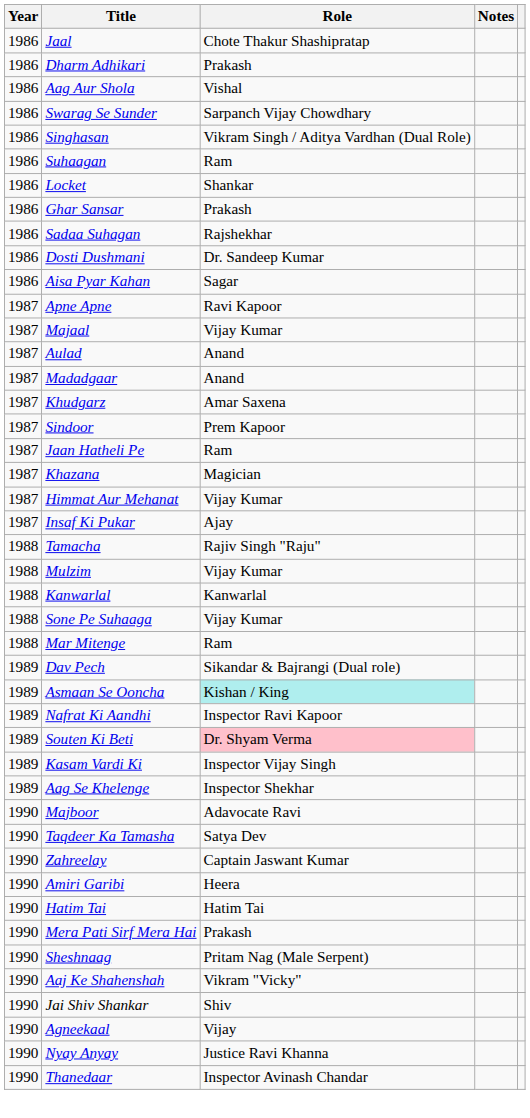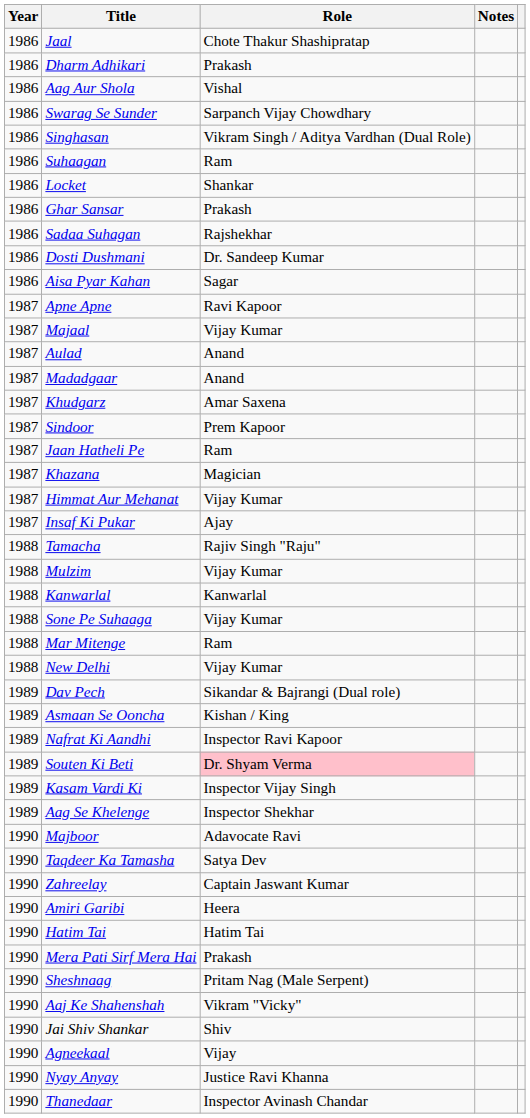 <table class="wikitable sortable">
 <tr style="background:#ccc; align:center,">
 <th>Year</th>
 <th>Title</th>
 <th>Role</th>
 <th>Notes</th>
 <th></th>
 </tr>
 <tr>
 <td>1986</td>
 <td><em><a href='#'>Jaal</a></em></td>
 <td>Chote Thakur Shashipratap</td>
 <td></td>
 <td></td>
 </tr>
 <tr>
 <td>1986</td>
 <td><em><a href='#'>Dharm Adhikari</a></em></td>
 <td>Prakash</td>
 <td></td>
 <td></td>
 </tr>
 <tr>
 <td>1986</td>
 <td><em><a href='#'>Aag Aur Shola</a></em></td>
 <td>Vishal</td>
 <td></td>
 <td></td>
 </tr>
 <tr>
 <td>1986</td>
 <td><em><a href='#'>Swarag Se Sunder</a></em></td>
 <td>Sarpanch Vijay Chowdhary</td>
 <td></td>
 <td></td>
 </tr>
 <tr>
 <td>1986</td>
 <td><em><a href='#'>Singhasan</a></em></td>
 <td>Vikram Singh / Aditya Vardhan (Dual Role)</td>
 <td></td>
 <td></td>
 </tr>
 <tr>
 <td>1986</td>
 <td><em><a href='#'>Suhaagan</a></em></td>
 <td>Ram</td>
 <td></td>
 <td></td>
 </tr>
 <tr>
 <td>1986</td>
 <td><em><a href='#'>Locket</a></em></td>
 <td>Shankar</td>
 <td></td>
 <td></td>
 </tr>
 <tr>
 <td>1986</td>
 <td><em><a href='#'>Ghar Sansar</a></em></td>
 <td>Prakash</td>
 <td></td>
 <td></td>
 </tr>
 <tr>
 <td>1986</td>
 <td><em><a href='#'>Sadaa Suhagan</a></em></td>
 <td>Rajshekhar</td>
 <td></td>
 <td></td>
 </tr>
 <tr>
 <td>1986</td>
 <td><em><a href='#'>Dosti Dushmani</a></em></td>
 <td>Dr. Sandeep Kumar</td>
 <td></td>
 <td></td>
 </tr>
 <tr>
 <td>1986</td>
 <td><em><a href='#'>Aisa Pyar Kahan</a></em></td>
 <td>Sagar</td>
 <td></td>
 <td></td>
 </tr>
 <tr>
 <td>1987</td>
 <td><em><a href='#'>Apne Apne</a></em></td>
 <td>Ravi Kapoor</td>
 <td></td>
 <td></td>
 </tr>
 <tr>
 <td>1987</td>
 <td><em><a href='#'>Majaal</a></em></td>
 <td>Vijay Kumar</td>
 <td></td>
 <td></td>
 </tr>
 <tr>
 <td>1987</td>
 <td><em><a href='#'>Aulad</a></em></td>
 <td>Anand</td>
 <td></td>
 <td></td>
 </tr>
 <tr>
 <td>1987</td>
 <td><em><a href='#'>Madadgaar</a></em></td>
 <td>Anand</td>
 <td></td>
 <td></td>
 </tr>
 <tr>
 <td>1987</td>
 <td><em><a href='#'>Khudgarz</a></em></td>
 <td>Amar Saxena</td>
 <td></td>
 <td></td>
 </tr>
 <tr>
 <td>1987</td>
 <td><em><a href='#'>Sindoor</a></em></td>
 <td>Prem Kapoor</td>
 <td></td>
 <td></td>
 </tr>
 <tr>
 <td>1987</td>
 <td><em><a href='#'>Jaan Hatheli Pe</a></em></td>
 <td>Ram</td>
 <td></td>
 <td></td>
 </tr>
 <tr>
 <td>1987</td>
 <td><em><a href='#'>Khazana</a></em></td>
 <td>Magician</td>
 <td></td>
 <td></td>
 </tr>
 <tr>
 <td>1987</td>
 <td><em><a href='#'>Himmat Aur Mehanat</a></em></td>
 <td>Vijay Kumar</td>
 <td></td>
 <td></td>
 </tr>
 <tr>
 <td>1987</td>
 <td><em><a href='#'>Insaf Ki Pukar</a></em></td>
 <td>Ajay</td>
 <td></td>
 <td></td>
 </tr>
 <tr>
 <td>1988</td>
 <td><em><a href='#'>Tamacha</a></em></td>
 <td>Rajiv Singh "Raju"</td>
 <td></td>
 <td></td>
 </tr>
 <tr>
 <td>1988</td>
 <td><em><a href='#'>Mulzim</a></em></td>
 <td>Vijay Kumar</td>
 <td></td>
 <td></td>
 </tr>
 <tr>
 <td>1988</td>
 <td><em><a href='#'>Kanwarlal</a></em></td>
 <td>Kanwarlal</td>
 <td></td>
 <td></td>
 </tr>
 <tr>
 <td>1988</td>
 <td><em><a href='#'>Sone Pe Suhaaga</a></em></td>
 <td>Vijay Kumar</td>
 <td></td>
 <td></td>
 </tr>
 <tr>
 <td>1988</td>
 <td><em><a href='#'>Mar Mitenge</a></em></td>
 <td>Ram</td>
 <td></td>
 <td></td>
 </tr>
 <tr>
+<td>1988</td>
+<td><em><a href='#'>New Delhi</a></em></td>
+<td>Vijay Kumar</td>
+<td></td>
+<td></td>
+</tr>
+<tr>
 <td>1989</td>
 <td><em><a href='#'>Dav Pech</a></em></td>
 <td>Sikandar & Bajrangi (Dual role)</td>
 <td></td>
 <td></td>
 </tr>
 <tr>
 <td>1989</td>
 <td><em><a href='#'>Asmaan Se Ooncha</a></em></td>
-<td style="background: paleturquoise;">Kishan / King</td>
+<td>Kishan / King</td>
 <td></td>
 <td></td>
 </tr>
 <tr>
 <td>1989</td>
 <td><em><a href='#'>Nafrat Ki Aandhi</a></em></td>
 <td>Inspector Ravi Kapoor</td>
 <td></td>
 <td></td>
 </tr>
 <tr>
 <td>1989</td>
 <td><em><a href='#'>Souten Ki Beti</a></em></td>
 <td style="background: pink;">Dr. Shyam Verma</td>
 <td></td>
 <td></td>
 </tr>
 <tr>
 <td>1989</td>
 <td><em><a href='#'>Kasam Vardi Ki</a></em></td>
 <td>Inspector Vijay Singh</td>
 <td></td>
 <td></td>
 </tr>
 <tr>
 <td>1989</td>
 <td><em><a href='#'>Aag Se Khelenge</a></em></td>
 <td>Inspector Shekhar</td>
 <td></td>
 <td></td>
 </tr>
 <tr>
 <td>1990</td>
 <td><em><a href='#'>Majboor</a></em></td>
 <td>Adavocate Ravi</td>
 <td></td>
 <td></td>
 </tr>
 <tr>
 <td>1990</td>
 <td><em><a href='#'>Taqdeer Ka Tamasha</a></em></td>
 <td>Satya Dev</td>
 <td></td>
 <td></td>
 </tr>
 <tr>
 <td>1990</td>
 <td><em><a href='#'>Zahreelay</a></em></td>
 <td>Captain Jaswant Kumar</td>
 <td></td>
 <td></td>
 </tr>
 <tr>
 <td>1990</td>
 <td><em><a href='#'>Amiri Garibi</a></em></td>
 <td>Heera</td>
 <td></td>
 <td></td>
 </tr>
 <tr>
 <td>1990</td>
 <td><em><a href='#'>Hatim Tai</a></em></td>
 <td>Hatim Tai</td>
 <td></td>
 <td></td>
 </tr>
 <tr>
 <td>1990</td>
 <td><em><a href='#'>Mera Pati Sirf Mera Hai</a></em></td>
 <td>Prakash</td>
 <td></td>
 <td></td>
 </tr>
 <tr>
 <td>1990</td>
 <td><em><a href='#'>Sheshnaag</a></em></td>
 <td>Pritam Nag (Male Serpent)</td>
 <td></td>
 <td></td>
 </tr>
 <tr>
 <td>1990</td>
 <td><em><a href='#'>Aaj Ke Shahenshah</a></em></td>
 <td>Vikram "Vicky"</td>
 <td></td>
 <td></td>
 </tr>
 <tr>
 <td>1990</td>
 <td><em>Jai Shiv Shankar</em></td>
 <td>Shiv</td>
 <td></td>
 <td></td>
 </tr>
 <tr>
 <td>1990</td>
 <td><em><a href='#'>Agneekaal</a></em></td>
 <td>Vijay</td>
 <td></td>
 <td></td>
 </tr>
 <tr>
 <td>1990</td>
 <td><em><a href='#'>Nyay Anyay</a></em></td>
 <td>Justice Ravi Khanna</td>
 <td></td>
 <td></td>
 </tr>
 <tr>
 <td>1990</td>
 <td><em><a href='#'>Thanedaar</a></em></td>
 <td>Inspector Avinash Chandar</td>
 <td></td>
 <td></td>
 </tr>
 </table>
